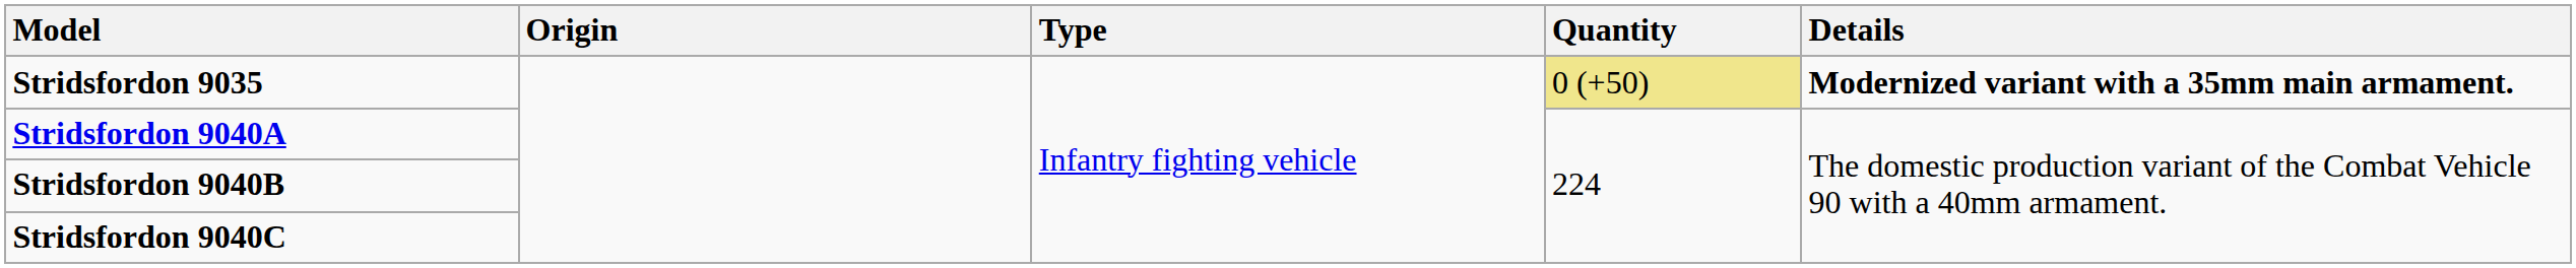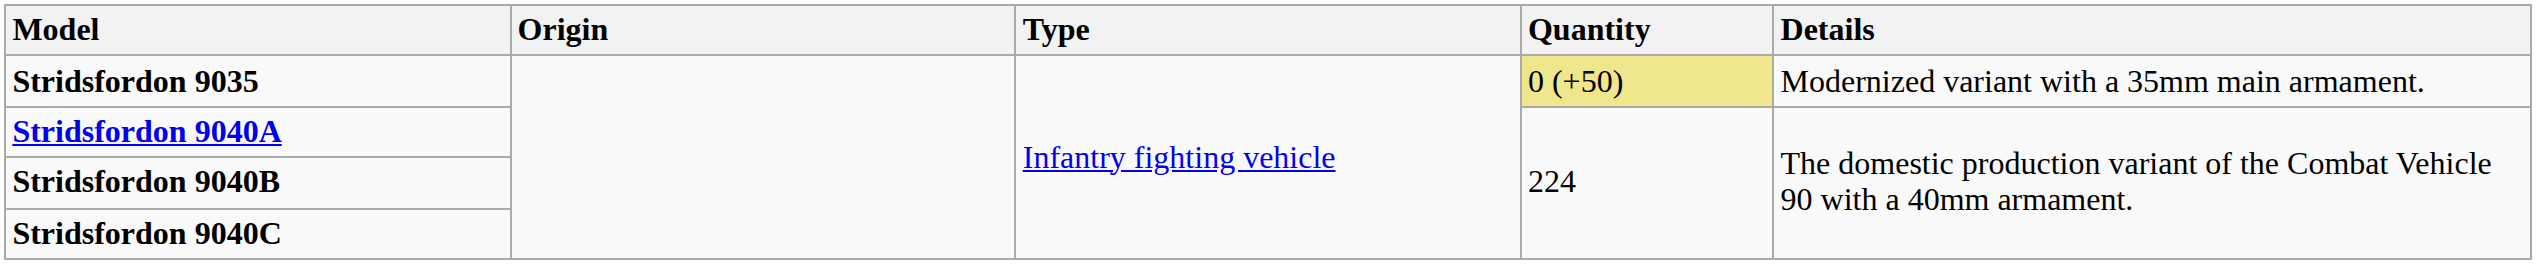 <table class="wikitable" style="width:100%;">
 <tr>
 <th style="text-align:left;width:20%;">Model</th>
 <th style="text-align:left;width:20%;">Origin</th>
 <th style="text-align:left;width:20%;">Type</th>
 <th style="text-align:left;width:10%;">Quantity</th>
 <th style="text-align:left;width:30%;">Details</th>
 </tr>
 <tr>
 <td><strong>Strids­fordon 9035</strong></td>
 <td rowspan="4"></td>
 <td rowspan="4"><a href='#'>Infantry fighting vehicle</a></td>
 <td style="background: khaki;">0 (+50)</td>
-<td><strong>Modernized variant with a 35mm main armament.</strong></td>
+<td>Modernized variant with a 35mm main armament.</td>
 </tr>
 <tr>
 <td><strong><a href='#'>Strids­fordon 9040A</a></strong></td>
 <td rowspan="3">224</td>
 <td rowspan="3">The domestic production variant of the Combat Vehicle 90 with a 40mm armament.</td>
 </tr>
 <tr>
 <td><strong>Strids­fordon 9040B</strong></td>
 </tr>
 <tr>
 <td><strong>Strids­fordon 9040C</strong></td>
 </tr>
 </table>
